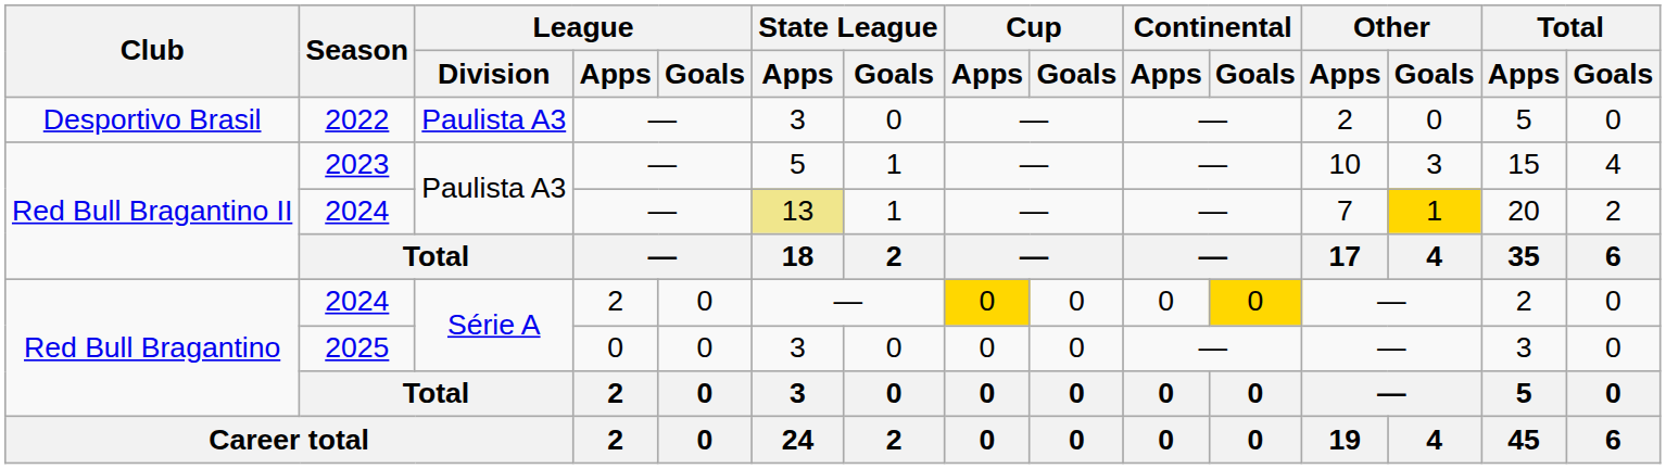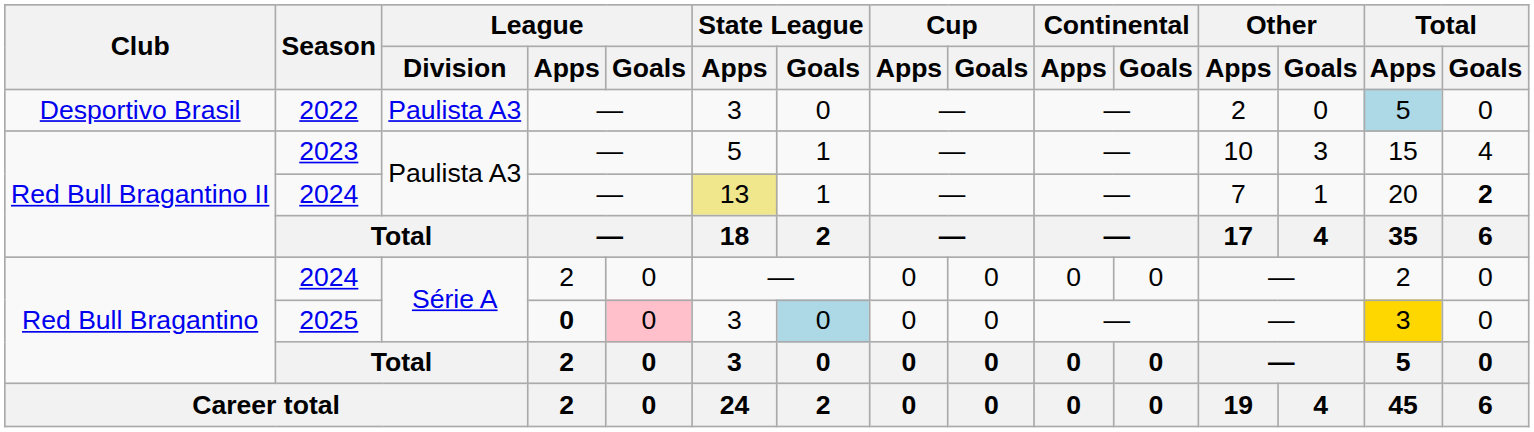 <table class="wikitable" style="text-align: center">
 <tr>
 <th rowspan="2">Club</th>
 <th rowspan="2">Season</th>
 <th colspan="3">League</th>
 <th colspan="2">State League</th>
 <th colspan="2">Cup</th>
 <th colspan="2">Continental</th>
 <th colspan="2">Other</th>
 <th colspan="2">Total</th>
 </tr>
 <tr>
 <th>Division</th>
 <th>Apps</th>
 <th>Goals</th>
 <th>Apps</th>
 <th>Goals</th>
 <th>Apps</th>
 <th>Goals</th>
 <th>Apps</th>
 <th>Goals</th>
 <th>Apps</th>
 <th>Goals</th>
 <th>Apps</th>
 <th>Goals</th>
 </tr>
 <tr>
 <td><a href='#'>Desportivo Brasil</a></td>
 <td><a href='#'>2022</a></td>
 <td><a href='#'>Paulista A3</a></td>
 <td colspan="2">—</td>
 <td>3</td>
 <td>0</td>
 <td colspan="2">—</td>
 <td colspan="2">—</td>
 <td>2</td>
 <td>0</td>
-<td>5</td>
+<td style="background: lightblue;">5</td>
 <td>0</td>
 </tr>
 <tr>
 <td rowspan="3"><a href='#'>Red Bull Bragantino II</a></td>
 <td><a href='#'>2023</a></td>
 <td rowspan="2">Paulista A3</td>
 <td colspan="2">—</td>
 <td>5</td>
 <td>1</td>
 <td colspan="2">—</td>
 <td colspan="2">—</td>
 <td>10</td>
 <td>3</td>
 <td>15</td>
 <td>4</td>
 </tr>
 <tr>
 <td><a href='#'>2024</a></td>
 <td colspan="2">—</td>
 <td style="background: khaki;">13</td>
 <td>1</td>
 <td colspan="2">—</td>
 <td colspan="2">—</td>
 <td>7</td>
-<td style="background: gold;">1</td>
+<td>1</td>
 <td>20</td>
-<td>2</td>
+<td><strong>2</strong></td>
 </tr>
 <tr>
 <th colspan="2">Total</th>
 <th colspan="2">—</th>
 <th>18</th>
 <th>2</th>
 <th colspan="2">—</th>
 <th colspan="2">—</th>
 <th>17</th>
 <th>4</th>
 <th>35</th>
 <th>6</th>
 </tr>
 <tr>
 <td rowspan="3"><a href='#'>Red Bull Bragantino</a></td>
 <td><a href='#'>2024</a></td>
 <td rowspan="2"><a href='#'>Série A</a></td>
 <td>2</td>
 <td>0</td>
 <td colspan="2">—</td>
-<td style="background: gold;">0</td>
 <td>0</td>
 <td>0</td>
-<td style="background: gold;">0</td>
+<td>0</td>
+<td>0</td>
 <td colspan="2">—</td>
 <td>2</td>
 <td>0</td>
 </tr>
 <tr>
 <td><a href='#'>2025</a></td>
-<td>0</td>
-<td>0</td>
+<td><strong>0</strong></td>
+<td style="background: pink;">0</td>
 <td>3</td>
-<td>0</td>
+<td style="background: lightblue;">0</td>
 <td>0</td>
 <td>0</td>
 <td colspan="2">—</td>
 <td colspan="2">—</td>
-<td>3</td>
+<td style="background: gold;">3</td>
 <td>0</td>
 </tr>
 <tr>
 <th colspan="2">Total</th>
 <th>2</th>
 <th>0</th>
 <th>3</th>
 <th>0</th>
 <th>0</th>
 <th>0</th>
 <th>0</th>
 <th>0</th>
 <th colspan="2">—</th>
 <th>5</th>
 <th>0</th>
 </tr>
 <tr>
 <th colspan="3"><strong>Career total</strong></th>
 <th>2</th>
 <th>0</th>
 <th>24</th>
 <th>2</th>
 <th>0</th>
 <th>0</th>
 <th>0</th>
 <th>0</th>
 <th>19</th>
 <th>4</th>
 <th>45</th>
 <th>6</th>
 </tr>
 </table>
